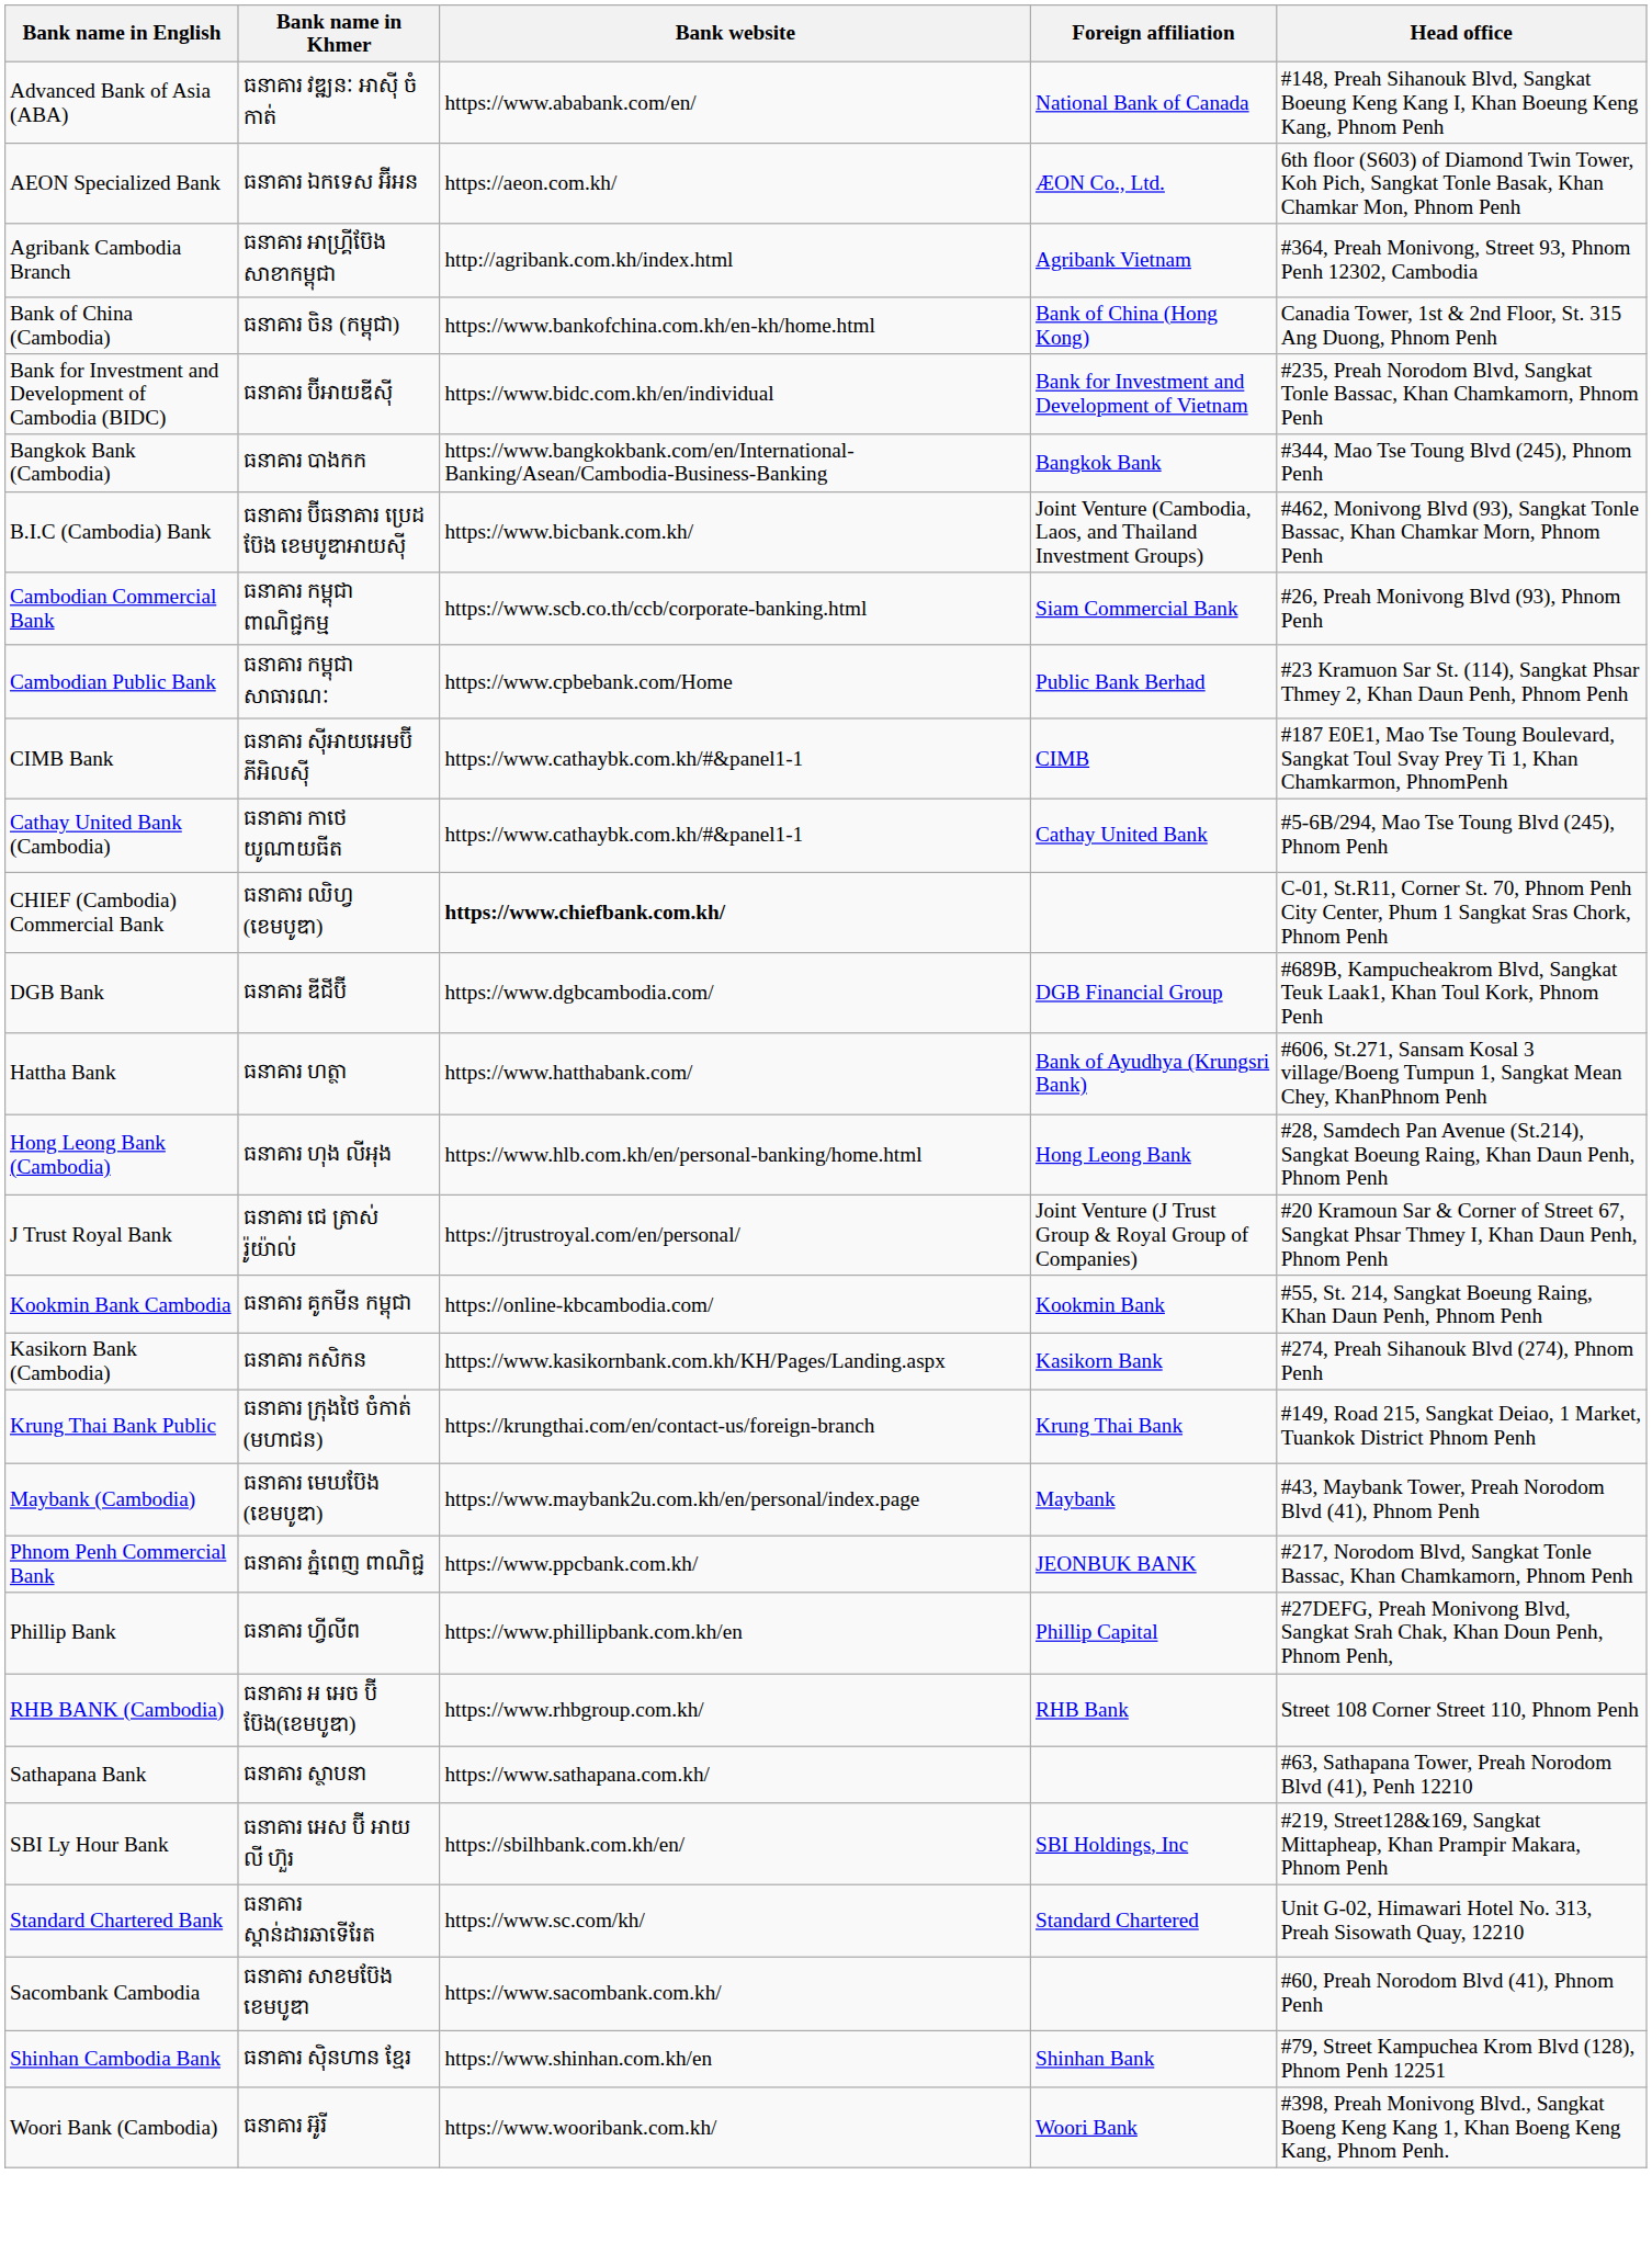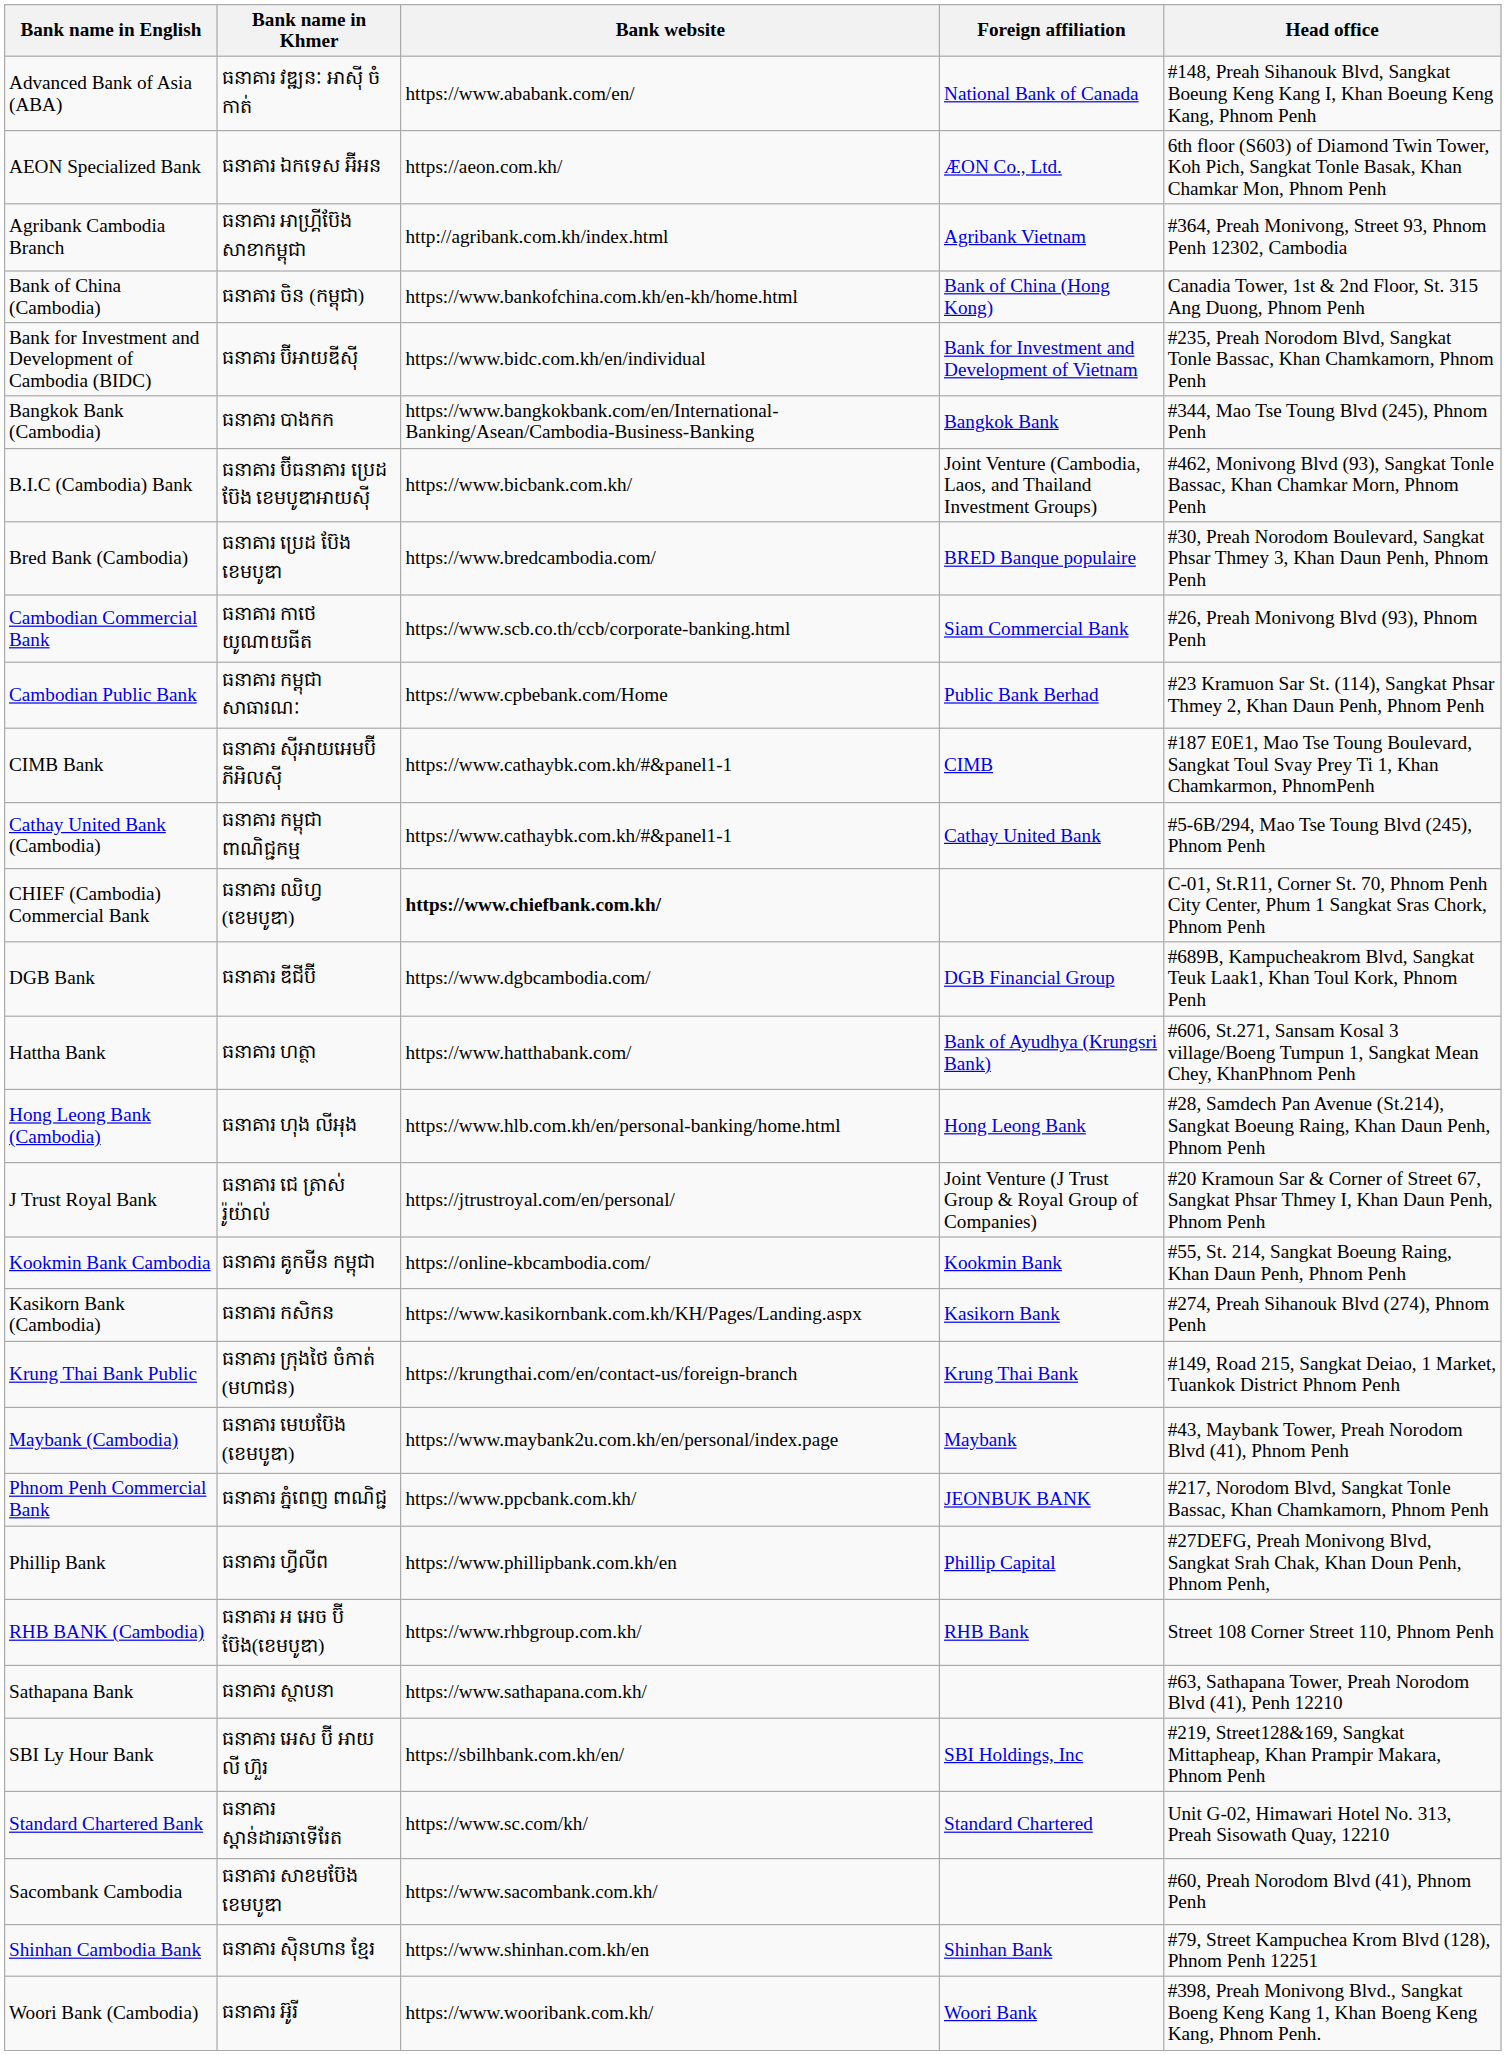 <table class="wikitable sortable">
 <tr>
 <th>Bank name in English</th>
 <th>Bank name in Khmer</th>
 <th>Bank website</th>
 <th>Foreign affiliation</th>
 <th>Head office</th>
 </tr>
 <tr>
 <td>Advanced Bank of Asia (ABA)</td>
 <td>ធនាគារ វឌ្ឍនៈ អាស៊ី ចំកាត់​</td>
 <td>https://www.ababank.com/en/</td>
 <td><a href='#'>National Bank of Canada</a></td>
 <td>#148, Preah Sihanouk Blvd, Sangkat Boeung Keng Kang I, Khan Boeung Keng Kang, Phnom Penh</td>
 </tr>
 <tr>
 <td>AEON Specialized Bank</td>
 <td>ធនាគារ ឯកទេស អ៊ីអន</td>
 <td>https://aeon.com.kh/</td>
 <td><a href='#'>ÆON Co., Ltd.</a></td>
 <td>6th floor (S603) of Diamond Twin Tower, Koh Pich, Sangkat Tonle Basak, Khan Chamkar Mon, Phnom Penh</td>
 </tr>
 <tr>
 <td>Agribank Cambodia Branch</td>
 <td>ធនាគារ អាហ្រ្គីប៊ែង សាខាកម្ពុជា</td>
 <td>http://agribank.com.kh/index.html</td>
 <td><a href='#'>Agribank Vietnam</a></td>
 <td>#364, Preah Monivong, Street 93, Phnom Penh 12302, Cambodia</td>
 </tr>
 <tr>
 <td>Bank of China (Cambodia)</td>
 <td>ធនាគារ ចិន (កម្ពុជា)</td>
 <td>https://www.bankofchina.com.kh/en-kh/home.html</td>
 <td><a href='#'>Bank of China (Hong Kong)</a></td>
 <td>Canadia Tower, 1st & 2nd Floor, St. 315 Ang Duong, Phnom Penh</td>
 </tr>
 <tr>
 <td>Bank for Investment and Development of Cambodia (BIDC)</td>
 <td>ធនាគារ ប៊ីអាយឌីស៊ី</td>
 <td>https://www.bidc.com.kh/en/individual</td>
 <td><a href='#'>Bank for Investment and Development of Vietnam</a></td>
 <td>#235, Preah Norodom Blvd, Sangkat Tonle Bassac, Khan Chamkamorn, Phnom Penh</td>
 </tr>
 <tr>
 <td>Bangkok Bank (Cambodia)</td>
 <td>ធនាគារ បាងកក</td>
 <td>https://www.bangkokbank.com/en/International-Banking/Asean/Cambodia-Business-Banking</td>
 <td><a href='#'>Bangkok Bank</a></td>
 <td>#344, Mao Tse Toung Blvd (245), Phnom Penh</td>
 </tr>
 <tr>
 <td>B.I.C (Cambodia) Bank</td>
 <td>ធនាគារ ប៊ីធនាគារ ប្រេដ ប៊ែង ខេមបូឌាអាយស៊ី</td>
 <td>https://www.bicbank.com.kh/</td>
 <td>Joint Venture (Cambodia, Laos, and Thailand Investment Groups)</td>
 <td>#462, Monivong Blvd (93), Sangkat Tonle Bassac, Khan Chamkar Morn, Phnom Penh</td>
 </tr>
 <tr>
+<td>Bred Bank (Cambodia)</td>
+<td>ធនាគារ ប្រេដ ប៊ែង ខេមបូឌា</td>
+<td>https://www.bredcambodia.com/</td>
+<td><a href='#'>BRED Banque populaire</a></td>
+<td>#30, Preah Norodom Boulevard, Sangkat Phsar Thmey 3, Khan Daun Penh, Phnom Penh</td>
+</tr>
+<tr>
 <td><a href='#'>Cambodian Commercial Bank</a></td>
-<td>ធនាគារ កម្ពុជា ពាណិជ្ជកម្ម</td>
+<td>ធនាគារ កាថេ យូណាយធីត</td>
 <td>https://www.scb.co.th/ccb/corporate-banking.html</td>
 <td><a href='#'>Siam Commercial Bank</a></td>
 <td>#26, Preah Monivong Blvd (93), Phnom Penh</td>
 </tr>
 <tr>
 <td><a href='#'>Cambodian Public Bank</a></td>
 <td>ធនាគារ កម្ពុជា សាធារណៈ</td>
 <td>https://www.cpbebank.com/Home</td>
 <td><a href='#'>Public Bank Berhad</a></td>
 <td>#23 Kramuon Sar St. (114), Sangkat Phsar Thmey 2, Khan Daun Penh,  Phnom Penh</td>
 </tr>
 <tr>
 <td>CIMB Bank</td>
 <td>ធនាគារ ស៊ីអាយអេមប៊ី ភីអិលស៊ី</td>
 <td> https://www.cathaybk.com.kh/#&panel1-1 </td>
 <td><a href='#'>CIMB</a></td>
 <td>#187 E0E1, Mao Tse Toung Boulevard, Sangkat Toul Svay Prey Ti 1, Khan Chamkarmon, PhnomPenh</td>
 </tr>
 <tr>
 <td><a href='#'>Cathay United Bank</a> (Cambodia)</td>
-<td>ធនាគារ កាថេ យូណាយធីត</td>
+<td>ធនាគារ កម្ពុជា ពាណិជ្ជកម្ម</td>
 <td>https://www.cathaybk.com.kh/#&panel1-1</td>
 <td><a href='#'>Cathay United Bank</a></td>
 <td>#5-6B/294, Mao Tse Toung Blvd (245), Phnom Penh</td>
 </tr>
 <tr>
 <td>CHIEF (Cambodia) Commercial Bank</td>
 <td>ធនាគារ ឈិហ្វ (ខេមបូឌា)</td>
 <td><strong>https://www.chiefbank.com.kh/</strong></td>
 <td></td>
 <td>C-01, St.R11, Corner St. 70, Phnom Penh City Center, Phum 1 Sangkat Sras Chork, Phnom Penh</td>
 </tr>
 <tr>
 <td>DGB Bank</td>
 <td>ធនាគារ ឌីជីប៊ី</td>
 <td>https://www.dgbcambodia.com/</td>
 <td><a href='#'>DGB Financial Group</a></td>
 <td>#689B, Kampucheakrom Blvd, Sangkat Teuk Laak1, Khan Toul Kork, Phnom Penh</td>
 </tr>
 <tr>
 <td>Hattha Bank</td>
 <td>ធនាគារ ហត្ថា</td>
 <td>https://www.hatthabank.com/</td>
 <td><a href='#'>Bank of Ayudhya (Krungsri Bank)</a></td>
 <td>#606, St.271, Sansam Kosal 3 village/Boeng Tumpun 1, Sangkat Mean Chey, KhanPhnom Penh</td>
 </tr>
 <tr>
 <td><a href='#'>Hong Leong Bank (Cambodia)</a></td>
 <td>ធនាគារ ហុង លីអុង</td>
 <td>https://www.hlb.com.kh/en/personal-banking/home.html</td>
 <td><a href='#'>Hong Leong Bank</a></td>
 <td>#28, Samdech Pan Avenue (St.214), Sangkat Boeung Raing, Khan Daun Penh, Phnom Penh</td>
 </tr>
 <tr>
 <td>J Trust Royal Bank</td>
 <td>ធនាគារ ជេ ត្រាស់ រ៉ូយ៉ាល់</td>
 <td>https://jtrustroyal.com/en/personal/</td>
 <td>Joint Venture (J Trust Group & Royal Group of Companies)</td>
 <td>#20 Kramoun Sar & Corner of Street 67, Sangkat Phsar Thmey I, Khan Daun Penh, Phnom Penh</td>
 </tr>
 <tr>
 <td><a href='#'>Kookmin Bank Cambodia</a></td>
 <td>ធនាគារ គូកមីន កម្ពុជា</td>
 <td>https://online-kbcambodia.com/</td>
 <td><a href='#'>Kookmin Bank</a></td>
 <td>#55, St. 214, Sangkat Boeung Raing, Khan Daun Penh, Phnom Penh</td>
 </tr>
 <tr>
 <td>Kasikorn Bank (Cambodia)</td>
 <td>ធនាគារ កសិកន</td>
 <td>https://www.kasikornbank.com.kh/KH/Pages/Landing.aspx</td>
 <td><a href='#'>Kasikorn Bank</a></td>
 <td>#274, Preah Sihanouk Blvd (274), Phnom Penh</td>
 </tr>
 <tr>
 <td><a href='#'>Krung Thai Bank Public</a></td>
 <td>ធនាគារ ក្រុងថៃ ចំកាត់ (មហាជន)</td>
 <td>https://krungthai.com/en/contact-us/foreign-branch</td>
 <td><a href='#'>Krung Thai Bank</a></td>
 <td>#149, Road 215, Sangkat Deiao, 1 Market, Tuankok District Phnom Penh</td>
 </tr>
 <tr>
 <td><a href='#'>Maybank (Cambodia)</a></td>
 <td>ធនាគារ មេឃប៊ែង (ខេមបូឌា)</td>
 <td>https://www.maybank2u.com.kh/en/personal/index.page</td>
 <td><a href='#'>Maybank</a></td>
 <td>#43, Maybank Tower, Preah Norodom Blvd (41), Phnom Penh</td>
 </tr>
 <tr>
 <td><a href='#'>Phnom Penh Commercial Bank</a></td>
 <td>ធនាគារ ភ្នំពេញ ពាណិជ្ជ</td>
 <td>https://www.ppcbank.com.kh/</td>
 <td><a href='#'>JEONBUK BANK</a></td>
 <td>#217, Norodom Blvd, Sangkat Tonle Bassac, Khan Chamkamorn, Phnom Penh</td>
 </tr>
 <tr>
 <td>Phillip Bank</td>
 <td>ធនាគារ ហ្វីលីព</td>
 <td>https://www.phillipbank.com.kh/en</td>
 <td><a href='#'>Phillip Capital</a></td>
 <td>#27DEFG, Preah Monivong Blvd, Sangkat Srah Chak, Khan Doun Penh, Phnom Penh,</td>
 </tr>
 <tr>
 <td><a href='#'>RHB BANK (Cambodia)</a></td>
 <td>ធនាគារ អ អេច ប៊ី ប៊ែង(ខេមបូឌា)</td>
 <td>https://www.rhbgroup.com.kh/</td>
 <td><a href='#'>RHB Bank</a></td>
 <td>Street 108 Corner Street 110, Phnom Penh</td>
 </tr>
 <tr>
 <td>Sathapana Bank</td>
 <td>ធនាគារ ស្ថាបនា</td>
 <td>https://www.sathapana.com.kh/</td>
 <td></td>
 <td>#63, Sathapana Tower, Preah Norodom Blvd (41), Penh 12210</td>
 </tr>
 <tr>
 <td>SBI Ly Hour Bank</td>
 <td>ធនាគារ អេស ប៊ី អាយ លី ហ៊ួរ</td>
 <td>https://sbilhbank.com.kh/en/</td>
 <td><a href='#'>SBI Holdings, Inc</a></td>
 <td>#219, Street128&169, Sangkat Mittapheap, Khan Prampir Makara, Phnom Penh</td>
 </tr>
 <tr>
 <td><a href='#'>Standard Chartered Bank</a></td>
 <td>ធនាគារ ស្តាន់ដារឆាទើរែត</td>
 <td>https://www.sc.com/kh/</td>
 <td><a href='#'>Standard Chartered</a></td>
 <td>Unit G-02, Himawari Hotel No. 313, Preah Sisowath Quay, 12210</td>
 </tr>
 <tr>
 <td>Sacombank Cambodia</td>
 <td>ធនាគារ សាខមប៊ែង ខេមបូឌា</td>
 <td>https://www.sacombank.com.kh/</td>
 <td></td>
 <td>#60, Preah Norodom Blvd (41), Phnom Penh</td>
 </tr>
 <tr>
 <td><a href='#'>Shinhan Cambodia Bank</a></td>
 <td>ធនាគារ ស៊ិនហាន ខ្មែរ</td>
 <td>https://www.shinhan.com.kh/en</td>
 <td><a href='#'>Shinhan Bank</a></td>
 <td>#79, Street Kampuchea Krom Blvd (128), Phnom Penh 12251</td>
 </tr>
 <tr>
 <td>Woori Bank (Cambodia)</td>
 <td>ធនាគារ អ៊ូរី</td>
 <td>https://www.wooribank.com.kh/</td>
 <td><a href='#'>Woori Bank</a></td>
 <td>#398, Preah Monivong Blvd., Sangkat Boeng Keng Kang 1, Khan Boeng Keng Kang, Phnom Penh.</td>
 </tr>
 </table>
